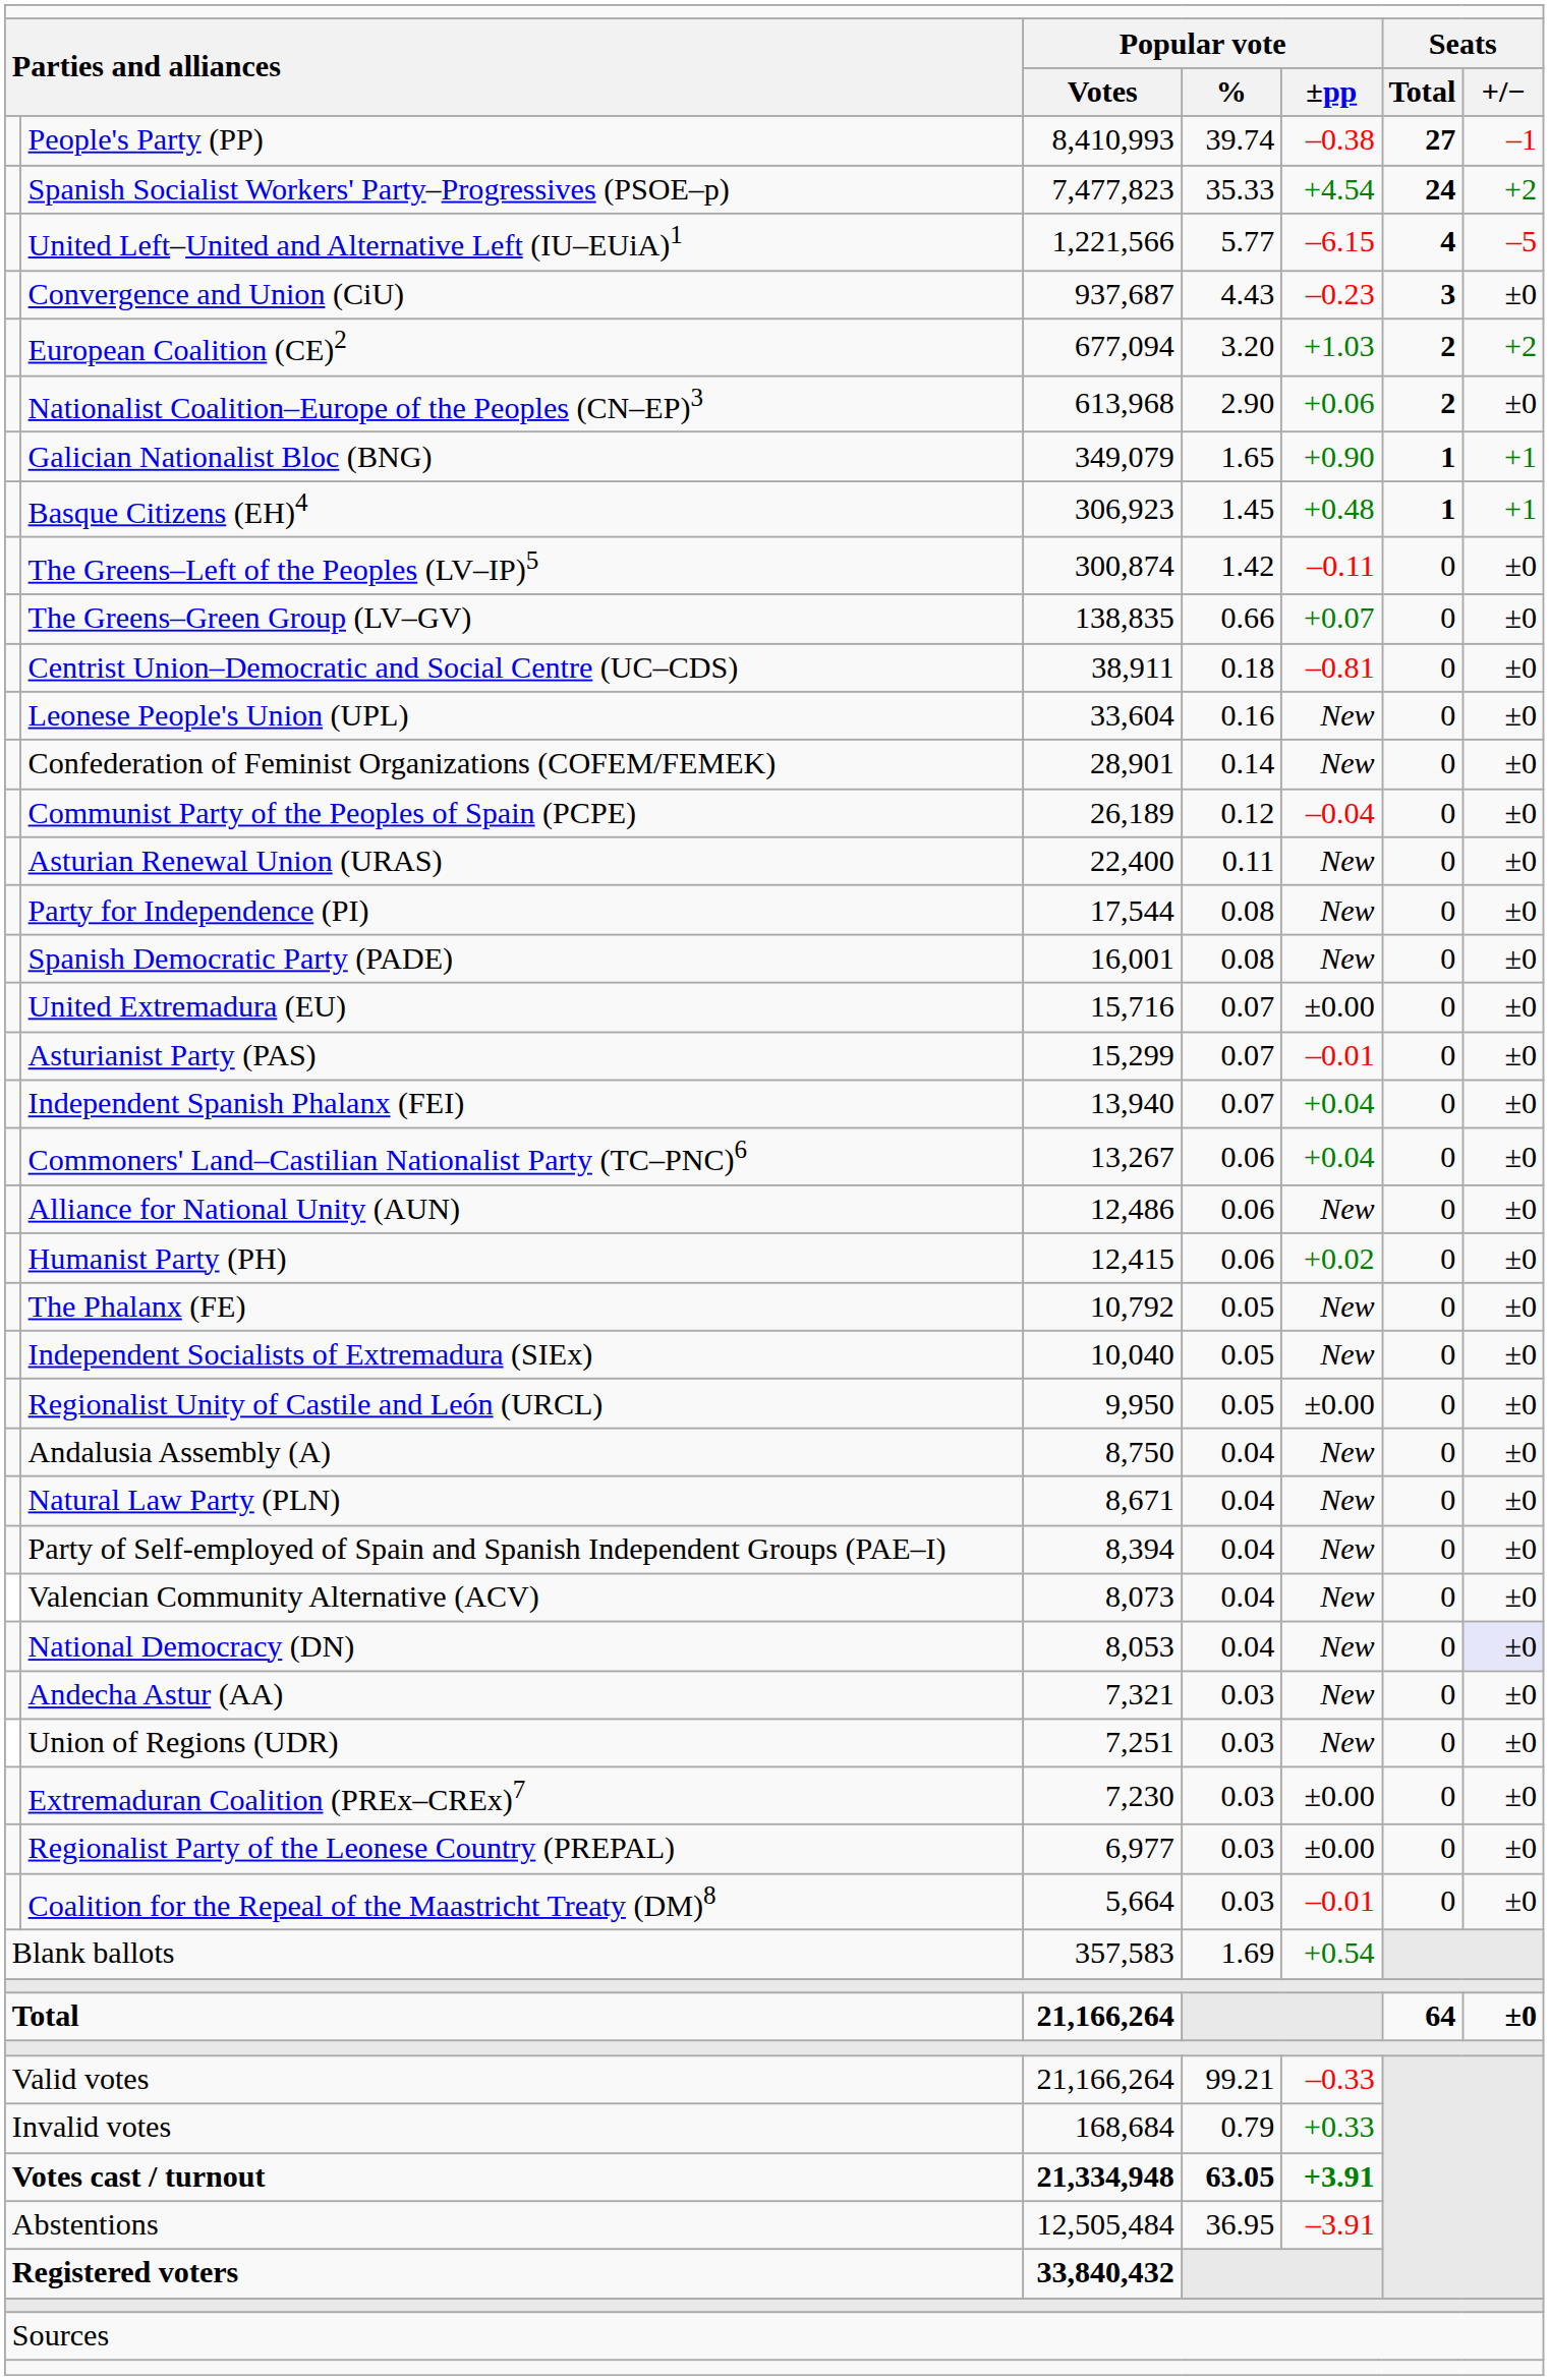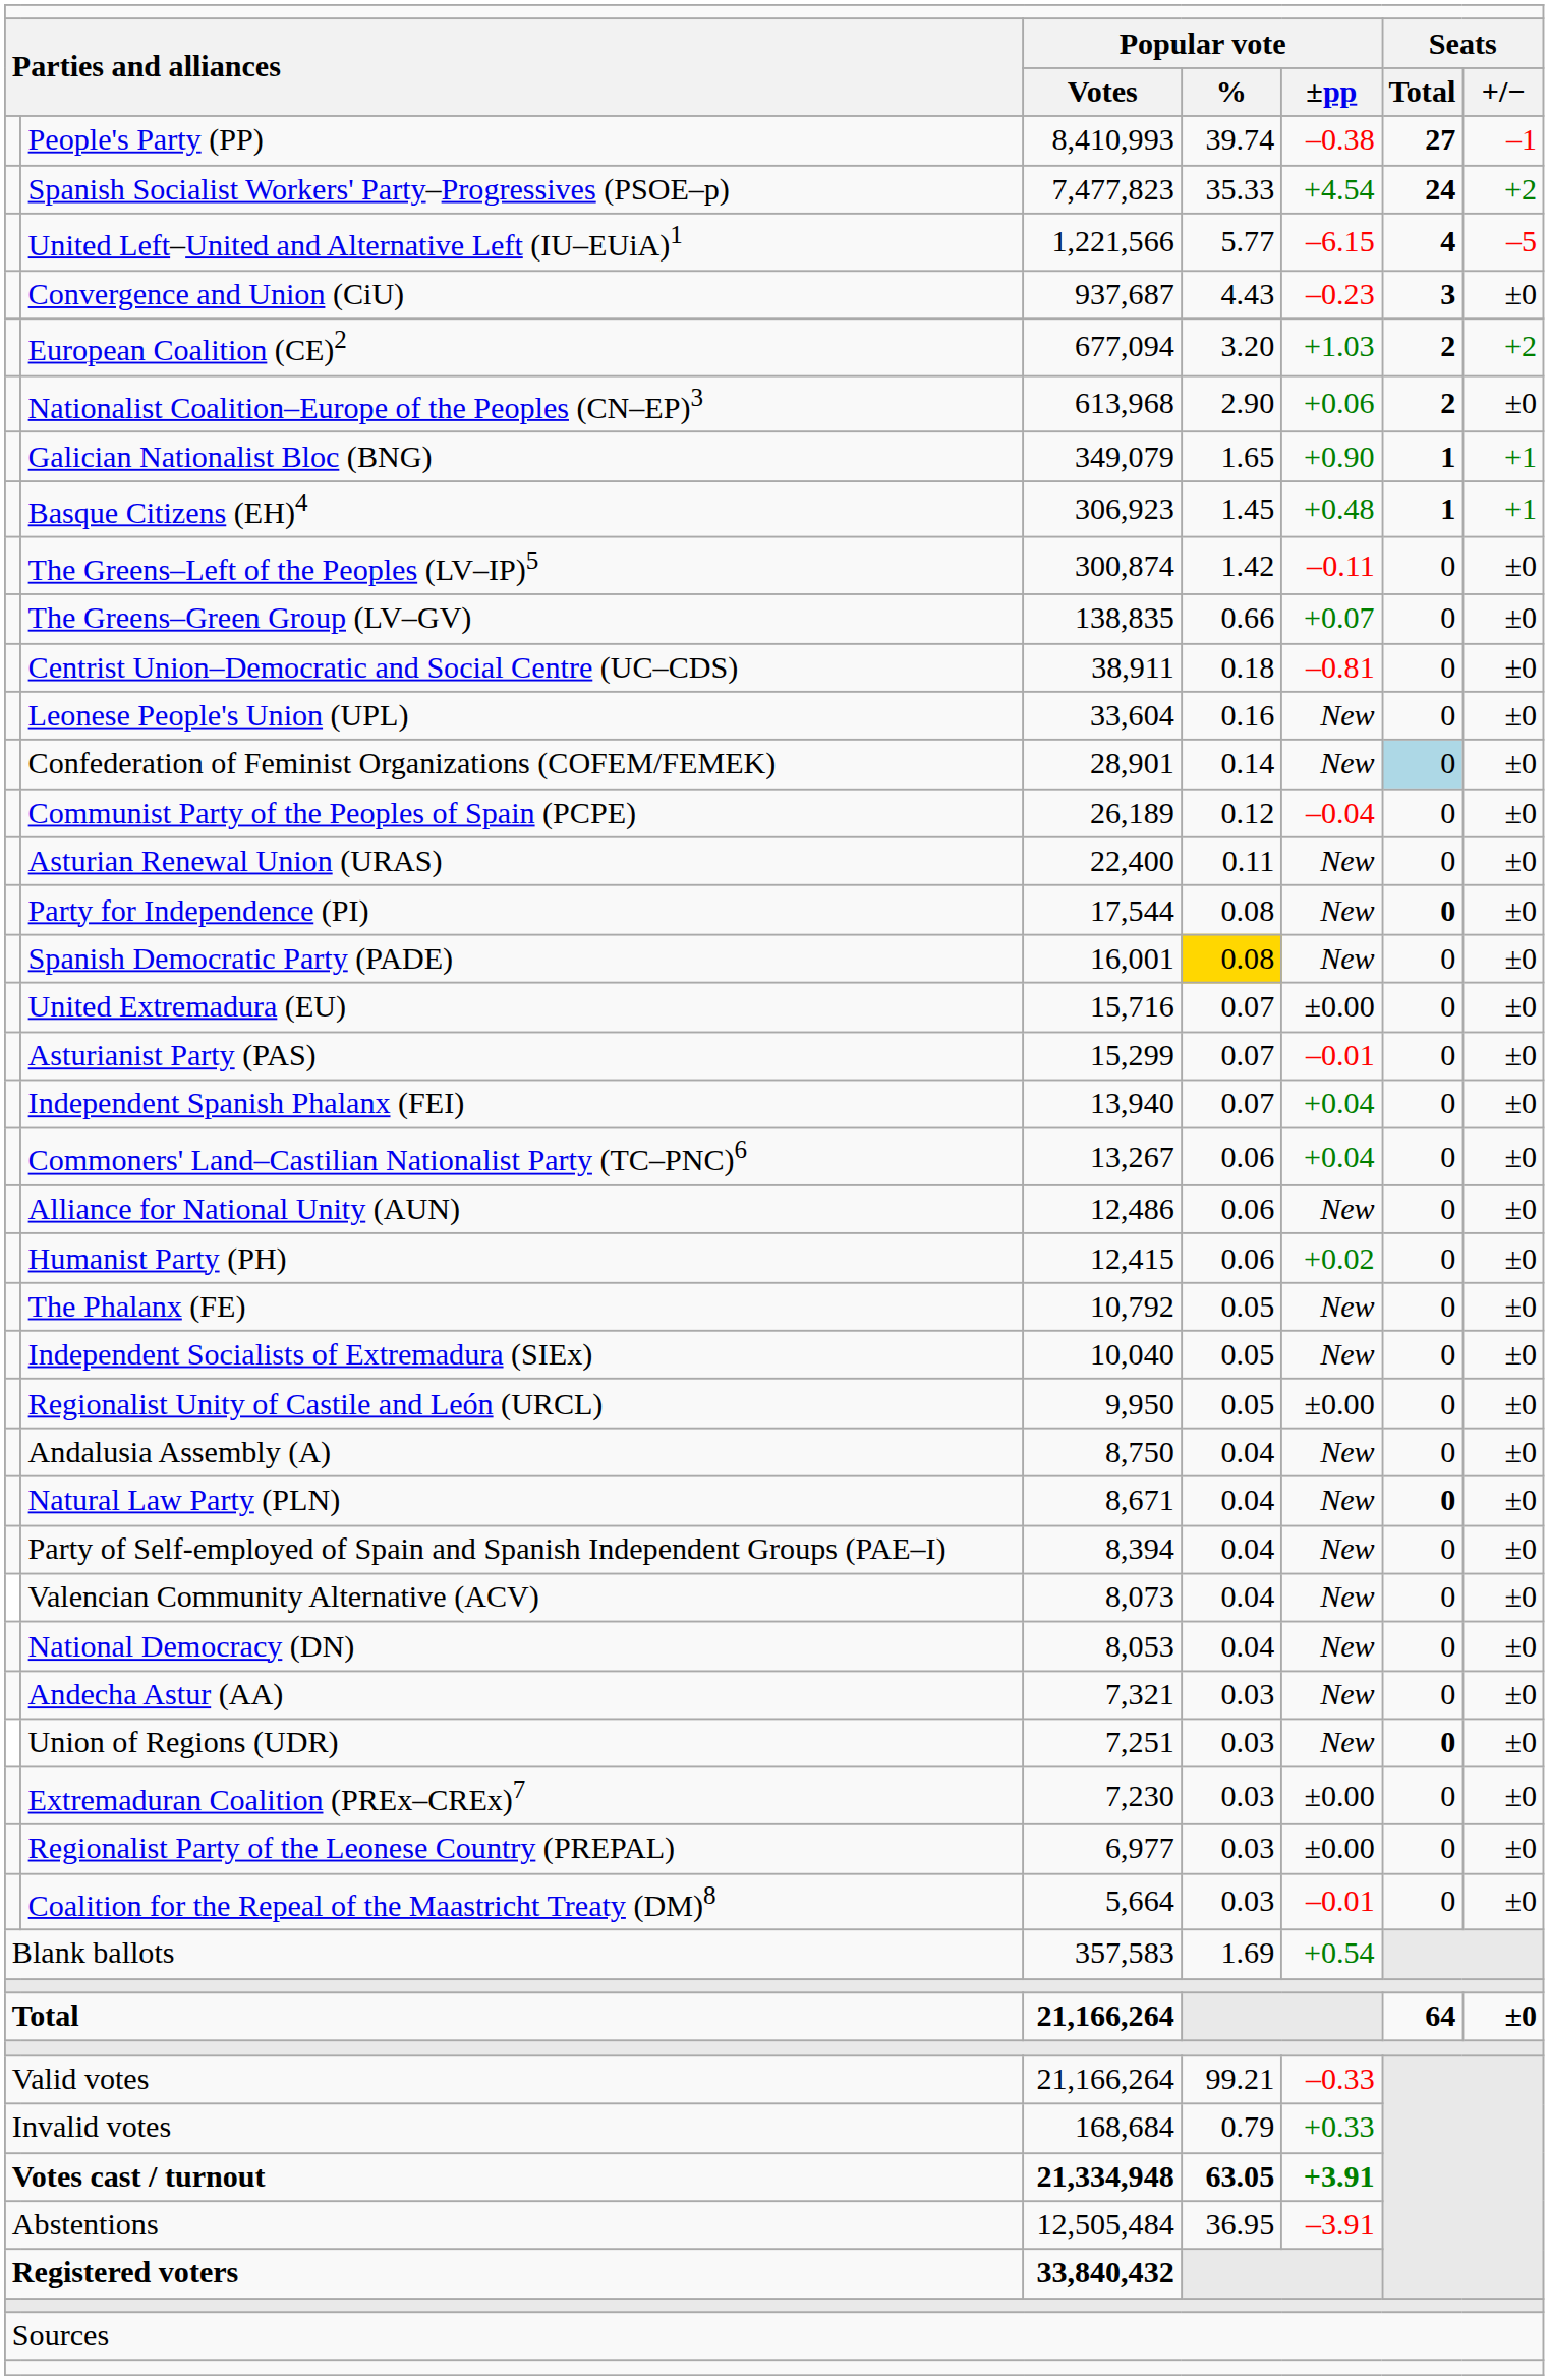 <table class="wikitable" style="text-align:right">
 <tr>
 <td colspan="7"></td>
 </tr>
 <tr>
 <th style="text-align:left;" rowspan="2" colspan="2" width="525">Parties and alliances</th>
 <th colspan="3">Popular vote</th>
 <th colspan="2">Seats</th>
 </tr>
 <tr>
 <th width="75">Votes</th>
 <th width="45">%</th>
 <th width="45">±<a href='#'>pp</a></th>
 <th width="35">Total</th>
 <th width="35">+/−</th>
 </tr>
 <tr>
 <td width="1" style="color:inherit;background:"></td>
 <td align="left"><a href='#'>People's Party</a> (PP)</td>
 <td>8,410,993</td>
 <td>39.74</td>
 <td style="color:red;">–0.38</td>
 <td><strong>27</strong></td>
 <td style="color:red;">–1</td>
 </tr>
 <tr>
 <td style="color:inherit;background:"></td>
 <td align="left"><a href='#'>Spanish Socialist Workers' Party</a>–<a href='#'>Progressives</a> (PSOE–p)</td>
 <td>7,477,823</td>
 <td>35.33</td>
 <td style="color:green;">+4.54</td>
 <td><strong>24</strong></td>
 <td style="color:green;">+2</td>
 </tr>
 <tr>
 <td style="color:inherit;background:"></td>
 <td align="left"><a href='#'>United Left</a>–<a href='#'>United and Alternative Left</a> (IU–EUiA)<sup>1</sup></td>
 <td>1,221,566</td>
 <td>5.77</td>
 <td style="color:red;">–6.15</td>
 <td><strong>4</strong></td>
 <td style="color:red;">–5</td>
 </tr>
 <tr>
 <td style="color:inherit;background:"></td>
 <td align="left"><a href='#'>Convergence and Union</a> (CiU)</td>
 <td>937,687</td>
 <td>4.43</td>
 <td style="color:red;">–0.23</td>
 <td><strong>3</strong></td>
 <td>±0</td>
 </tr>
 <tr>
 <td style="color:inherit;background:"></td>
 <td align="left"><a href='#'>European Coalition</a> (CE)<sup>2</sup></td>
 <td>677,094</td>
 <td>3.20</td>
 <td style="color:green;">+1.03</td>
 <td><strong>2</strong></td>
 <td style="color:green;">+2</td>
 </tr>
 <tr>
 <td style="color:inherit;background:"></td>
 <td align="left"><a href='#'>Nationalist Coalition–Europe of the Peoples</a> (CN–EP)<sup>3</sup></td>
 <td>613,968</td>
 <td>2.90</td>
 <td style="color:green;">+0.06</td>
 <td><strong>2</strong></td>
 <td>±0</td>
 </tr>
 <tr>
 <td style="color:inherit;background:"></td>
 <td align="left"><a href='#'>Galician Nationalist Bloc</a> (BNG)</td>
 <td>349,079</td>
 <td>1.65</td>
 <td style="color:green;">+0.90</td>
 <td><strong>1</strong></td>
 <td style="color:green;">+1</td>
 </tr>
 <tr>
 <td style="color:inherit;background:"></td>
 <td align="left"><a href='#'>Basque Citizens</a> (EH)<sup>4</sup></td>
 <td>306,923</td>
 <td>1.45</td>
 <td style="color:green;">+0.48</td>
 <td><strong>1</strong></td>
 <td style="color:green;">+1</td>
 </tr>
 <tr>
 <td style="color:inherit;background:"></td>
 <td align="left"><a href='#'>The Greens–Left of the Peoples</a> (LV–IP)<sup>5</sup></td>
 <td>300,874</td>
 <td>1.42</td>
 <td style="color:red;">–0.11</td>
 <td>0</td>
 <td>±0</td>
 </tr>
 <tr>
 <td style="color:inherit;background:"></td>
 <td align="left"><a href='#'>The Greens–Green Group</a> (LV–GV)</td>
 <td>138,835</td>
 <td>0.66</td>
 <td style="color:green;">+0.07</td>
 <td>0</td>
 <td>±0</td>
 </tr>
 <tr>
 <td style="color:inherit;background:"></td>
 <td align="left"><a href='#'>Centrist Union–Democratic and Social Centre</a> (UC–CDS)</td>
 <td>38,911</td>
 <td>0.18</td>
 <td style="color:red;">–0.81</td>
 <td>0</td>
 <td>±0</td>
 </tr>
 <tr>
 <td style="color:inherit;background:"></td>
 <td align="left"><a href='#'>Leonese People's Union</a> (UPL)</td>
 <td>33,604</td>
 <td>0.16</td>
 <td><em>New</em></td>
 <td>0</td>
 <td>±0</td>
 </tr>
 <tr>
 <td style="color:inherit;background:"></td>
 <td align="left">Confederation of Feminist Organizations (COFEM/FEMEK)</td>
 <td>28,901</td>
 <td>0.14</td>
 <td><em>New</em></td>
-<td>0</td>
+<td style="background: lightblue;">0</td>
 <td>±0</td>
 </tr>
 <tr>
 <td style="color:inherit;background:"></td>
 <td align="left"><a href='#'>Communist Party of the Peoples of Spain</a> (PCPE)</td>
 <td>26,189</td>
 <td>0.12</td>
 <td style="color:red;">–0.04</td>
 <td>0</td>
 <td>±0</td>
 </tr>
 <tr>
 <td style="color:inherit;background:"></td>
 <td align="left"><a href='#'>Asturian Renewal Union</a> (URAS)</td>
 <td>22,400</td>
 <td>0.11</td>
 <td><em>New</em></td>
 <td>0</td>
 <td>±0</td>
 </tr>
 <tr>
 <td style="color:inherit;background:"></td>
 <td align="left"><a href='#'>Party for Independence</a> (PI)</td>
 <td>17,544</td>
 <td>0.08</td>
 <td><em>New</em></td>
-<td>0</td>
+<td><strong>0</strong></td>
 <td>±0</td>
 </tr>
 <tr>
 <td style="color:inherit;background:"></td>
 <td align="left"><a href='#'>Spanish Democratic Party</a> (PADE)</td>
 <td>16,001</td>
-<td>0.08</td>
+<td style="background: gold;">0.08</td>
 <td><em>New</em></td>
 <td>0</td>
 <td>±0</td>
 </tr>
 <tr>
 <td style="color:inherit;background:"></td>
 <td align="left"><a href='#'>United Extremadura</a> (EU)</td>
 <td>15,716</td>
 <td>0.07</td>
 <td>±0.00</td>
 <td>0</td>
 <td>±0</td>
 </tr>
 <tr>
 <td style="color:inherit;background:"></td>
 <td align="left"><a href='#'>Asturianist Party</a> (PAS)</td>
 <td>15,299</td>
 <td>0.07</td>
 <td style="color:red;">–0.01</td>
 <td>0</td>
 <td>±0</td>
 </tr>
 <tr>
 <td style="color:inherit;background:"></td>
 <td align="left"><a href='#'>Independent Spanish Phalanx</a> (FEI)</td>
 <td>13,940</td>
 <td>0.07</td>
 <td style="color:green;">+0.04</td>
 <td>0</td>
 <td>±0</td>
 </tr>
 <tr>
 <td style="color:inherit;background:"></td>
 <td align="left"><a href='#'>Commoners' Land–Castilian Nationalist Party</a> (TC–PNC)<sup>6</sup></td>
 <td>13,267</td>
 <td>0.06</td>
 <td style="color:green;">+0.04</td>
 <td>0</td>
 <td>±0</td>
 </tr>
 <tr>
 <td style="color:inherit;background:"></td>
 <td align="left"><a href='#'>Alliance for National Unity</a> (AUN)</td>
 <td>12,486</td>
 <td>0.06</td>
 <td><em>New</em></td>
 <td>0</td>
 <td>±0</td>
 </tr>
 <tr>
 <td style="color:inherit;background:"></td>
 <td align="left"><a href='#'>Humanist Party</a> (PH)</td>
 <td>12,415</td>
 <td>0.06</td>
 <td style="color:green;">+0.02</td>
 <td>0</td>
 <td>±0</td>
 </tr>
 <tr>
 <td style="color:inherit;background:"></td>
 <td align="left"><a href='#'>The Phalanx</a> (FE)</td>
 <td>10,792</td>
 <td>0.05</td>
 <td><em>New</em></td>
 <td>0</td>
 <td>±0</td>
 </tr>
 <tr>
 <td style="color:inherit;background:"></td>
 <td align="left"><a href='#'>Independent Socialists of Extremadura</a> (SIEx)</td>
 <td>10,040</td>
 <td>0.05</td>
 <td><em>New</em></td>
 <td>0</td>
 <td>±0</td>
 </tr>
 <tr>
 <td style="color:inherit;background:"></td>
 <td align="left"><a href='#'>Regionalist Unity of Castile and León</a> (URCL)</td>
 <td>9,950</td>
 <td>0.05</td>
 <td>±0.00</td>
 <td>0</td>
 <td>±0</td>
 </tr>
 <tr>
 <td style="color:inherit;background:"></td>
 <td align="left">Andalusia Assembly (A)</td>
 <td>8,750</td>
 <td>0.04</td>
 <td><em>New</em></td>
 <td>0</td>
 <td>±0</td>
 </tr>
 <tr>
 <td style="color:inherit;background:"></td>
 <td align="left"><a href='#'>Natural Law Party</a> (PLN)</td>
 <td>8,671</td>
 <td>0.04</td>
 <td><em>New</em></td>
-<td>0</td>
+<td><strong>0</strong></td>
 <td>±0</td>
 </tr>
 <tr>
 <td style="color:inherit;background:"></td>
 <td align="left">Party of Self-employed of Spain and Spanish Independent Groups (PAE–I)</td>
 <td>8,394</td>
 <td>0.04</td>
 <td><em>New</em></td>
 <td>0</td>
 <td>±0</td>
 </tr>
 <tr>
 <td bgcolor="white"></td>
 <td align="left">Valencian Community Alternative (ACV)</td>
 <td>8,073</td>
 <td>0.04</td>
 <td><em>New</em></td>
 <td>0</td>
 <td>±0</td>
 </tr>
 <tr>
 <td style="color:inherit;background:"></td>
 <td align="left"><a href='#'>National Democracy</a> (DN)</td>
 <td>8,053</td>
 <td>0.04</td>
 <td><em>New</em></td>
 <td>0</td>
-<td style="background: lavender;">±0</td>
+<td>±0</td>
 </tr>
 <tr>
 <td style="color:inherit;background:"></td>
 <td align="left"><a href='#'>Andecha Astur</a> (AA)</td>
 <td>7,321</td>
 <td>0.03</td>
 <td><em>New</em></td>
 <td>0</td>
 <td>±0</td>
 </tr>
 <tr>
 <td bgcolor="white"></td>
 <td align="left">Union of Regions (UDR)</td>
 <td>7,251</td>
 <td>0.03</td>
 <td><em>New</em></td>
-<td>0</td>
+<td><strong>0</strong></td>
 <td>±0</td>
 </tr>
 <tr>
 <td style="color:inherit;background:"></td>
 <td align="left"><a href='#'>Extremaduran Coalition</a> (PREx–CREx)<sup>7</sup></td>
 <td>7,230</td>
 <td>0.03</td>
 <td>±0.00</td>
 <td>0</td>
 <td>±0</td>
 </tr>
 <tr>
 <td style="color:inherit;background:"></td>
 <td align="left"><a href='#'>Regionalist Party of the Leonese Country</a> (PREPAL)</td>
 <td>6,977</td>
 <td>0.03</td>
 <td>±0.00</td>
 <td>0</td>
 <td>±0</td>
 </tr>
 <tr>
 <td style="color:inherit;background:"></td>
 <td align="left"><a href='#'>Coalition for the Repeal of the Maastricht Treaty</a> (DM)<sup>8</sup></td>
 <td>5,664</td>
 <td>0.03</td>
 <td style="color:red;">–0.01</td>
 <td>0</td>
 <td>±0</td>
 </tr>
 <tr>
 <td align="left" colspan="2">Blank ballots</td>
 <td>357,583</td>
 <td>1.69</td>
 <td style="color:green;">+0.54</td>
 <td bgcolor="#E9E9E9" colspan="2"></td>
 </tr>
 <tr>
 <td colspan="7" bgcolor="#E9E9E9"></td>
 </tr>
 <tr style="font-weight:bold;">
 <td align="left" colspan="2">Total</td>
 <td>21,166,264</td>
 <td bgcolor="#E9E9E9" colspan="2"></td>
 <td>64</td>
 <td>±0</td>
 </tr>
 <tr>
 <td colspan="7" bgcolor="#E9E9E9"></td>
 </tr>
 <tr>
 <td align="left" colspan="2">Valid votes</td>
 <td>21,166,264</td>
 <td>99.21</td>
 <td style="color:red;">–0.33</td>
 <td bgcolor="#E9E9E9" colspan="2" rowspan="5"></td>
 </tr>
 <tr>
 <td align="left" colspan="2">Invalid votes</td>
 <td>168,684</td>
 <td>0.79</td>
 <td style="color:green;">+0.33</td>
 </tr>
 <tr style="font-weight:bold;">
 <td align="left" colspan="2">Votes cast / turnout</td>
 <td>21,334,948</td>
 <td>63.05</td>
 <td style="color:green;">+3.91</td>
 </tr>
 <tr>
 <td align="left" colspan="2">Abstentions</td>
 <td>12,505,484</td>
 <td>36.95</td>
 <td style="color:red;">–3.91</td>
 </tr>
 <tr style="font-weight:bold;">
 <td align="left" colspan="2">Registered voters</td>
 <td>33,840,432</td>
 <td bgcolor="#E9E9E9" colspan="2"></td>
 </tr>
 <tr>
 <td colspan="7" bgcolor="#E9E9E9"></td>
 </tr>
 <tr>
 <td align="left" colspan="7">Sources</td>
 </tr>
 <tr>
 <td colspan="7" style="text-align:left; max-width:790px;"></td>
 </tr>
 </table>
